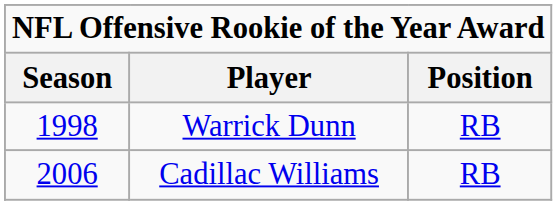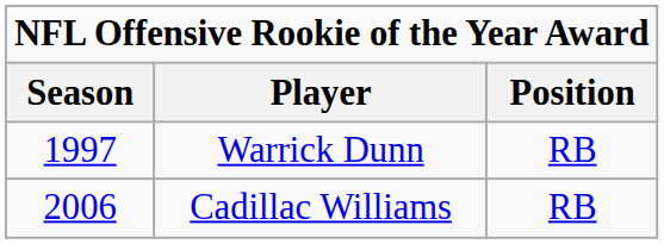 <table class="wikitable" style="text-align:center">
 <tr>
 <td colspan="3"><strong>NFL Offensive Rookie of the Year Award</strong></td>
 </tr>
 <tr>
 <th>Season</th>
 <th>Player</th>
 <th>Position</th>
 </tr>
 <tr>
-<td><a href='#'>1998</a></td>
+<td><a href='#'>1997</a></td>
 <td><a href='#'>Warrick Dunn</a></td>
 <td><a href='#'>RB</a></td>
 </tr>
 <tr>
 <td><a href='#'>2006</a></td>
 <td><a href='#'>Cadillac Williams</a></td>
 <td><a href='#'>RB</a></td>
 </tr>
 </table>
